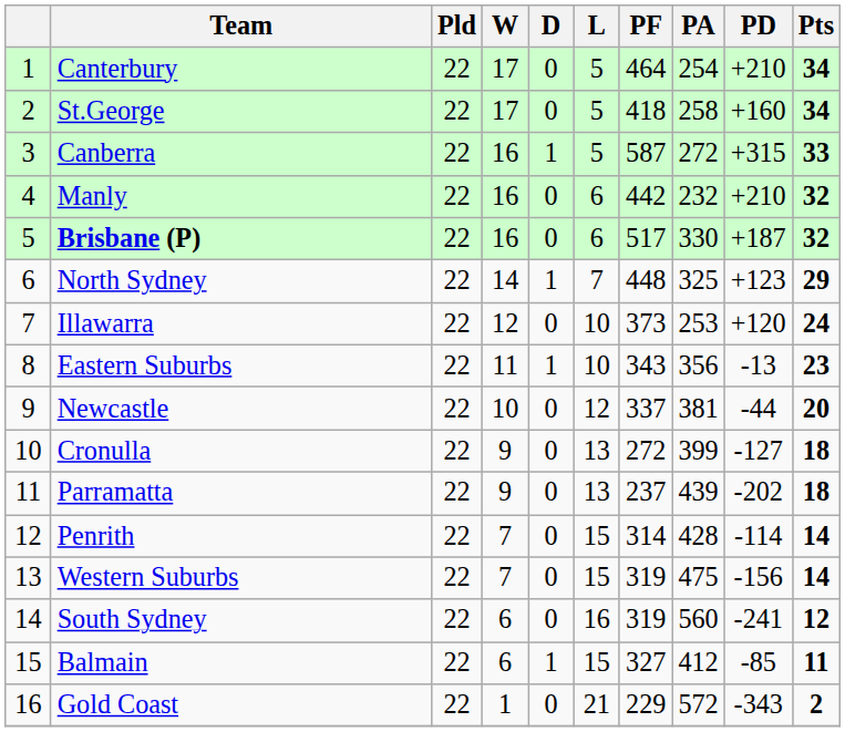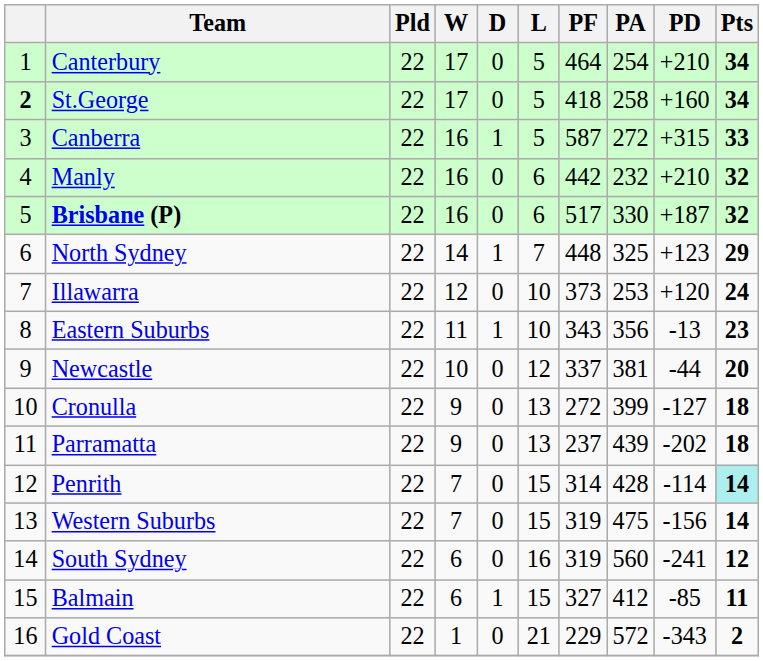 <table class="wikitable" style="text-align:center;">
 <tr>
 <th width=20 abbr="Position×"></th>
 <th width=220>Team</th>
 <th width=20 abbr="Played">Pld</th>
 <th width=20 abbr="Won">W</th>
 <th width=20 abbr="Drawn">D</th>
 <th width=20 abbr="Lost">L</th>
 <th width=20 abbr="Points for">PF</th>
 <th width=20 abbr="Points against">PA</th>
 <th width=20 abbr="Points difference">PD</th>
 <th width=20 abbr="Points">Pts</th>
 </tr>
 <tr style="background: #ccffcc;">
 <td>1</td>
 <td style="text-align:left;"> <a href='#'>Canterbury</a></td>
 <td>22</td>
 <td>17</td>
 <td>0</td>
 <td>5</td>
 <td>464</td>
 <td>254</td>
 <td>+210</td>
 <td><strong>34</strong></td>
 </tr>
 <tr style="background: #ccffcc;">
-<td>2</td>
+<td><strong>2</strong></td>
 <td style="text-align:left;"> <a href='#'>St.George</a></td>
 <td>22</td>
 <td>17</td>
 <td>0</td>
 <td>5</td>
 <td>418</td>
 <td>258</td>
 <td>+160</td>
 <td><strong>34</strong></td>
 </tr>
 <tr style="background: #ccffcc;">
 <td>3</td>
 <td style="text-align:left;"> <a href='#'>Canberra</a></td>
 <td>22</td>
 <td>16</td>
 <td>1</td>
 <td>5</td>
 <td>587</td>
 <td>272</td>
 <td>+315</td>
 <td><strong>33</strong></td>
 </tr>
 <tr style="background: #ccffcc;">
 <td>4</td>
 <td style="text-align:left;"> <a href='#'>Manly</a></td>
 <td>22</td>
 <td>16</td>
 <td>0</td>
 <td>6</td>
 <td>442</td>
 <td>232</td>
 <td>+210</td>
 <td><strong>32</strong></td>
 </tr>
 <tr style="background: #ccffcc;">
 <td>5</td>
 <td style="text-align:left;"><strong> <a href='#'>Brisbane</a> (P)</strong></td>
 <td>22</td>
 <td>16</td>
 <td>0</td>
 <td>6</td>
 <td>517</td>
 <td>330</td>
 <td>+187</td>
 <td><strong>32</strong></td>
 </tr>
 <tr>
 <td>6</td>
 <td style="text-align:left;"> <a href='#'>North Sydney</a></td>
 <td>22</td>
 <td>14</td>
 <td>1</td>
 <td>7</td>
 <td>448</td>
 <td>325</td>
 <td>+123</td>
 <td><strong>29</strong></td>
 </tr>
 <tr>
 <td>7</td>
 <td style="text-align:left;"> <a href='#'>Illawarra</a></td>
 <td>22</td>
 <td>12</td>
 <td>0</td>
 <td>10</td>
 <td>373</td>
 <td>253</td>
 <td>+120</td>
 <td><strong>24</strong></td>
 </tr>
 <tr>
 <td>8</td>
 <td style="text-align:left;"> <a href='#'>Eastern Suburbs</a></td>
 <td>22</td>
 <td>11</td>
 <td>1</td>
 <td>10</td>
 <td>343</td>
 <td>356</td>
 <td>-13</td>
 <td><strong>23</strong></td>
 </tr>
 <tr>
 <td>9</td>
 <td style="text-align:left;"> <a href='#'>Newcastle</a></td>
 <td>22</td>
 <td>10</td>
 <td>0</td>
 <td>12</td>
 <td>337</td>
 <td>381</td>
 <td>-44</td>
 <td><strong>20</strong></td>
 </tr>
 <tr>
 <td>10</td>
 <td style="text-align:left;"> <a href='#'>Cronulla</a></td>
 <td>22</td>
 <td>9</td>
 <td>0</td>
 <td>13</td>
 <td>272</td>
 <td>399</td>
 <td>-127</td>
 <td><strong>18</strong></td>
 </tr>
 <tr>
 <td>11</td>
 <td style="text-align:left;"> <a href='#'>Parramatta</a></td>
 <td>22</td>
 <td>9</td>
 <td>0</td>
 <td>13</td>
 <td>237</td>
 <td>439</td>
 <td>-202</td>
 <td><strong>18</strong></td>
 </tr>
 <tr>
 <td>12</td>
 <td style="text-align:left;"> <a href='#'>Penrith</a></td>
 <td>22</td>
 <td>7</td>
 <td>0</td>
 <td>15</td>
 <td>314</td>
 <td>428</td>
 <td>-114</td>
-<td><strong>14</strong></td>
+<td style="background: paleturquoise;"><strong>14</strong></td>
 </tr>
 <tr>
 <td>13</td>
 <td style="text-align:left;"> <a href='#'>Western Suburbs</a></td>
 <td>22</td>
 <td>7</td>
 <td>0</td>
 <td>15</td>
 <td>319</td>
 <td>475</td>
 <td>-156</td>
 <td><strong>14</strong></td>
 </tr>
 <tr>
 <td>14</td>
 <td style="text-align:left;"> <a href='#'>South Sydney</a></td>
 <td>22</td>
 <td>6</td>
 <td>0</td>
 <td>16</td>
 <td>319</td>
 <td>560</td>
 <td>-241</td>
 <td><strong>12</strong></td>
 </tr>
 <tr>
 <td>15</td>
 <td style="text-align:left;"> <a href='#'>Balmain</a></td>
 <td>22</td>
 <td>6</td>
 <td>1</td>
 <td>15</td>
 <td>327</td>
 <td>412</td>
 <td>-85</td>
 <td><strong>11</strong></td>
 </tr>
 <tr>
 <td>16</td>
 <td style="text-align:left;"> <a href='#'>Gold Coast</a></td>
 <td>22</td>
 <td>1</td>
 <td>0</td>
 <td>21</td>
 <td>229</td>
 <td>572</td>
 <td>-343</td>
 <td><strong>2</strong></td>
 </tr>
 <tr>
 </tr>
 </table>
